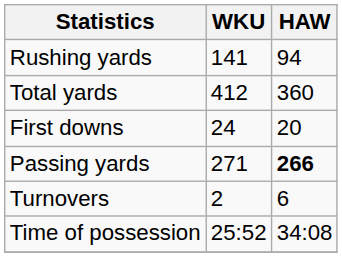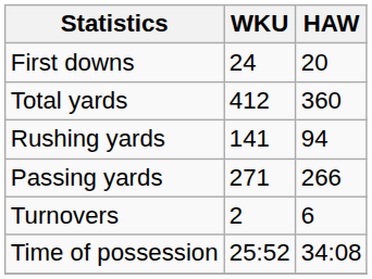 <table class="wikitable">
 <tr>
 <th>Statistics</th>
 <th>WKU</th>
 <th>HAW</th>
 </tr>
 <tr>
-<td>Rushing yards</td>
-<td>141</td>
-<td>94</td>
+<td>First downs</td>
+<td>24</td>
+<td>20</td>
 </tr>
 <tr>
 <td>Total yards</td>
 <td>412</td>
 <td>360</td>
 </tr>
 <tr>
-<td>First downs</td>
-<td>24</td>
-<td>20</td>
+<td>Rushing yards</td>
+<td>141</td>
+<td>94</td>
 </tr>
 <tr>
 <td>Passing yards</td>
 <td>271</td>
-<td><strong>266</strong></td>
+<td>266</td>
 </tr>
 <tr>
 <td>Turnovers</td>
 <td>2</td>
 <td>6</td>
 </tr>
 <tr>
 <td>Time of possession</td>
 <td>25:52</td>
 <td>34:08</td>
 </tr>
 <tr>
 </tr>
 </table>
